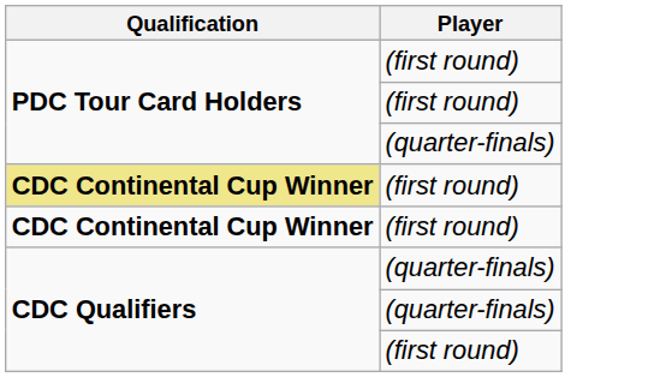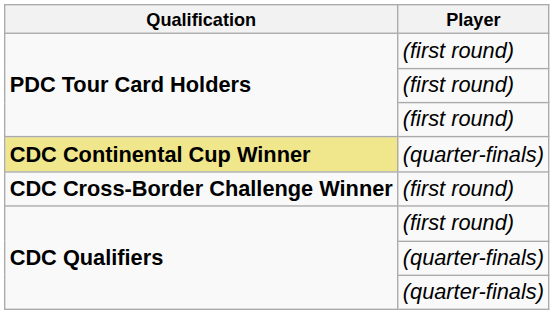 <table class="wikitable">
 <tr style="font-size:10pt;font-weight:bold">
 <th>Qualification</th>
 <th>Player</th>
 </tr>
 <tr>
 <td rowspan="3"><strong>PDC Tour Card Holders</strong></td>
 <td> <em>(first round)</em></td>
 </tr>
 <tr>
 <td> <em>(first round)</em></td>
 </tr>
 <tr>
+<td> <em>(first round)</em></td>
+</tr>
+<tr>
+<td style="background: khaki;"><strong>CDC Continental Cup Winner</strong></td>
 <td> <em>(quarter-finals)</em></td>
 </tr>
 <tr>
-<td style="background: khaki;"><strong>CDC Continental Cup Winner</strong></td>
-<td> <em>(first round)</em></td>
-</tr>
-<tr>
-<td><strong>CDC Continental Cup Winner</strong></td>
+<td><strong>CDC Cross-Border Challenge Winner</strong></td>
 <td> <em>(first round)</em></td>
 </tr>
 <tr>
 <td rowspan="3"><strong>CDC Qualifiers</strong></td>
+<td> <em>(first round)</em></td>
+</tr>
+<tr>
 <td> <em>(quarter-finals)</em></td>
 </tr>
 <tr>
 <td> <em>(quarter-finals)</em></td>
 </tr>
-<tr>
-<td> <em>(first round)</em></td>
-</tr>
 </table>
